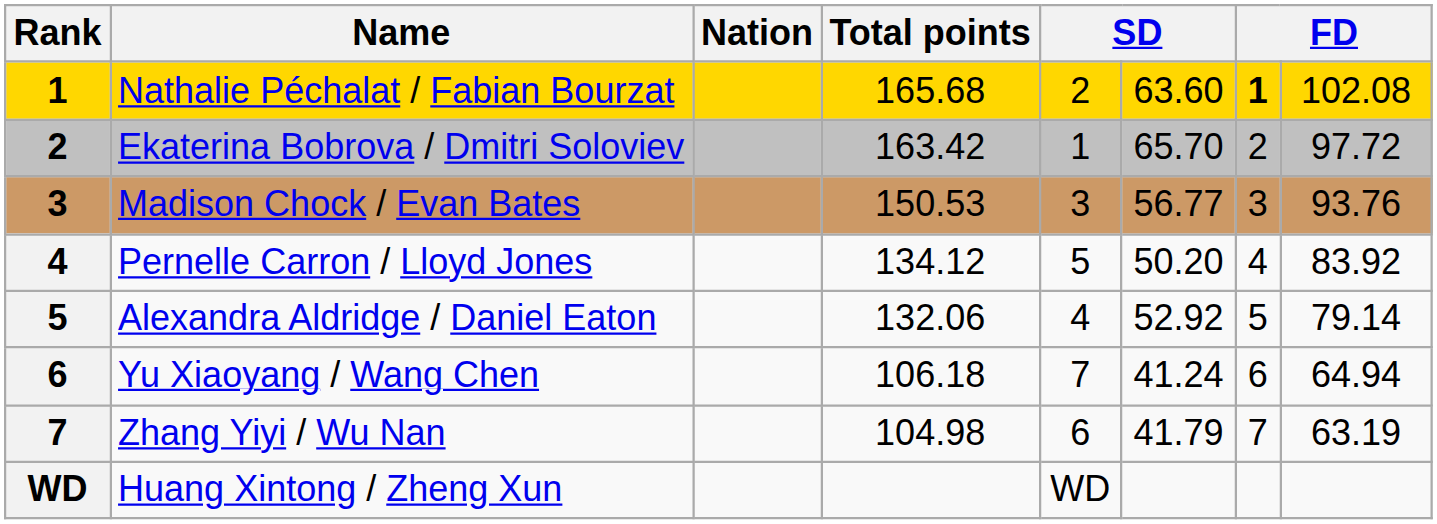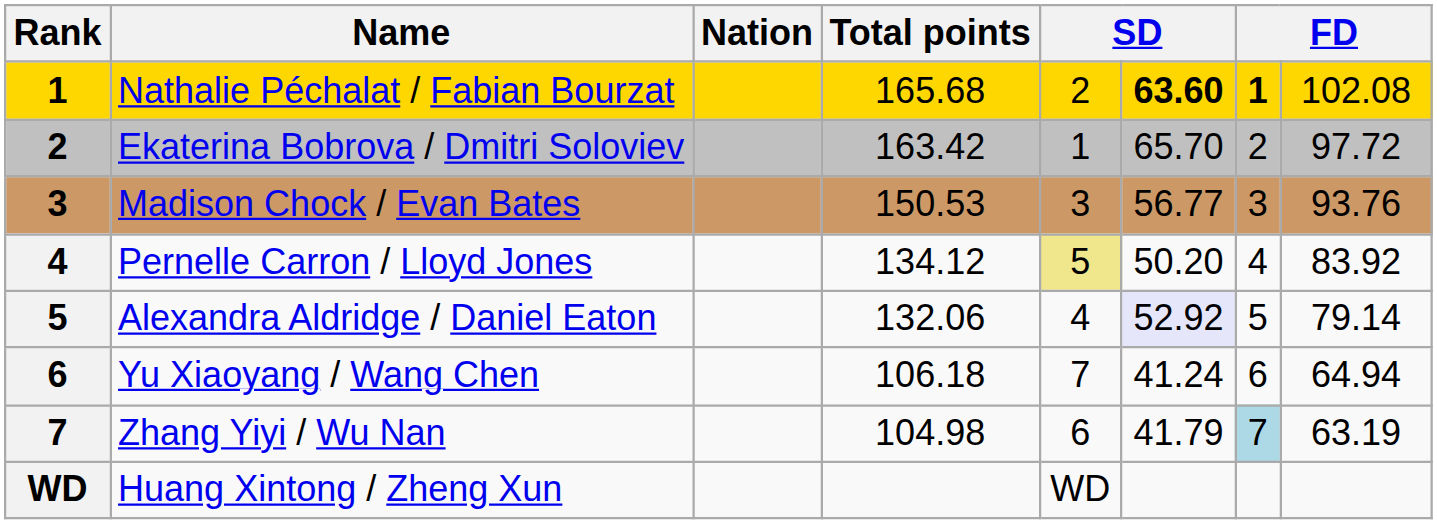 <table class="wikitable sortable">
 <tr>
 <th>Rank</th>
 <th>Name</th>
 <th>Nation</th>
 <th>Total points</th>
 <th colspan="2" width="80px"><a href='#'>SD</a></th>
 <th colspan="2" width="80px"><a href='#'>FD</a></th>
 </tr>
 <tr bgcolor="gold">
 <td align="center"><strong>1</strong></td>
 <td><a href='#'>Nathalie Péchalat</a> / <a href='#'>Fabian Bourzat</a></td>
 <td></td>
 <td align="center">165.68</td>
 <td align="center">2</td>
-<td align="center">63.60</td>
+<td align="center"><strong>63.60</strong></td>
 <td align="center"><strong>1</strong></td>
 <td style="text-align: center;">102.08</td>
 </tr>
 <tr bgcolor="silver">
 <td align="center"><strong>2</strong></td>
 <td><a href='#'>Ekaterina Bobrova</a> / <a href='#'>Dmitri Soloviev</a></td>
 <td></td>
 <td align="center">163.42</td>
 <td align="center">1</td>
 <td align="center">65.70</td>
 <td align="center">2</td>
 <td align="center">97.72</td>
 </tr>
 <tr bgcolor="cc9966">
 <td align="center"><strong>3</strong></td>
 <td><a href='#'>Madison Chock</a> / <a href='#'>Evan Bates</a></td>
 <td></td>
 <td align="center">150.53</td>
 <td align="center">3</td>
 <td align="center">56.77</td>
 <td align="center">3</td>
 <td align="center">93.76</td>
 </tr>
 <tr>
 <th>4</th>
 <td><a href='#'>Pernelle Carron</a> / <a href='#'>Lloyd Jones</a></td>
 <td></td>
 <td align="center">134.12</td>
-<td align="center">5</td>
+<td align="center" style="background: khaki;">5</td>
 <td align="center">50.20</td>
 <td align="center">4</td>
 <td align="center">83.92</td>
 </tr>
 <tr>
 <th>5</th>
 <td><a href='#'>Alexandra Aldridge</a> / <a href='#'>Daniel Eaton</a></td>
 <td></td>
 <td align="center">132.06</td>
 <td align="center">4</td>
-<td align="center">52.92</td>
+<td align="center" style="background: lavender;">52.92</td>
 <td align="center">5</td>
 <td align="center">79.14</td>
 </tr>
 <tr>
 <th>6</th>
 <td><a href='#'>Yu Xiaoyang</a> / <a href='#'>Wang Chen</a></td>
 <td></td>
 <td align="center">106.18</td>
 <td align="center">7</td>
 <td align="center">41.24</td>
 <td align="center">6</td>
 <td align="center">64.94</td>
 </tr>
 <tr>
 <th>7</th>
 <td><a href='#'>Zhang Yiyi</a> / <a href='#'>Wu Nan</a></td>
 <td></td>
 <td align="center">104.98</td>
 <td align="center">6</td>
 <td align="center">41.79</td>
-<td align="center">7</td>
+<td align="center" style="background: lightblue;">7</td>
 <td align="center">63.19</td>
 </tr>
 <tr>
 <th>WD</th>
 <td><a href='#'>Huang Xintong</a> / <a href='#'>Zheng Xun</a></td>
 <td></td>
 <td align="center"></td>
 <td align="center">WD</td>
 <td align="center"></td>
 <td align="center"></td>
 <td align="center"></td>
 </tr>
 </table>
